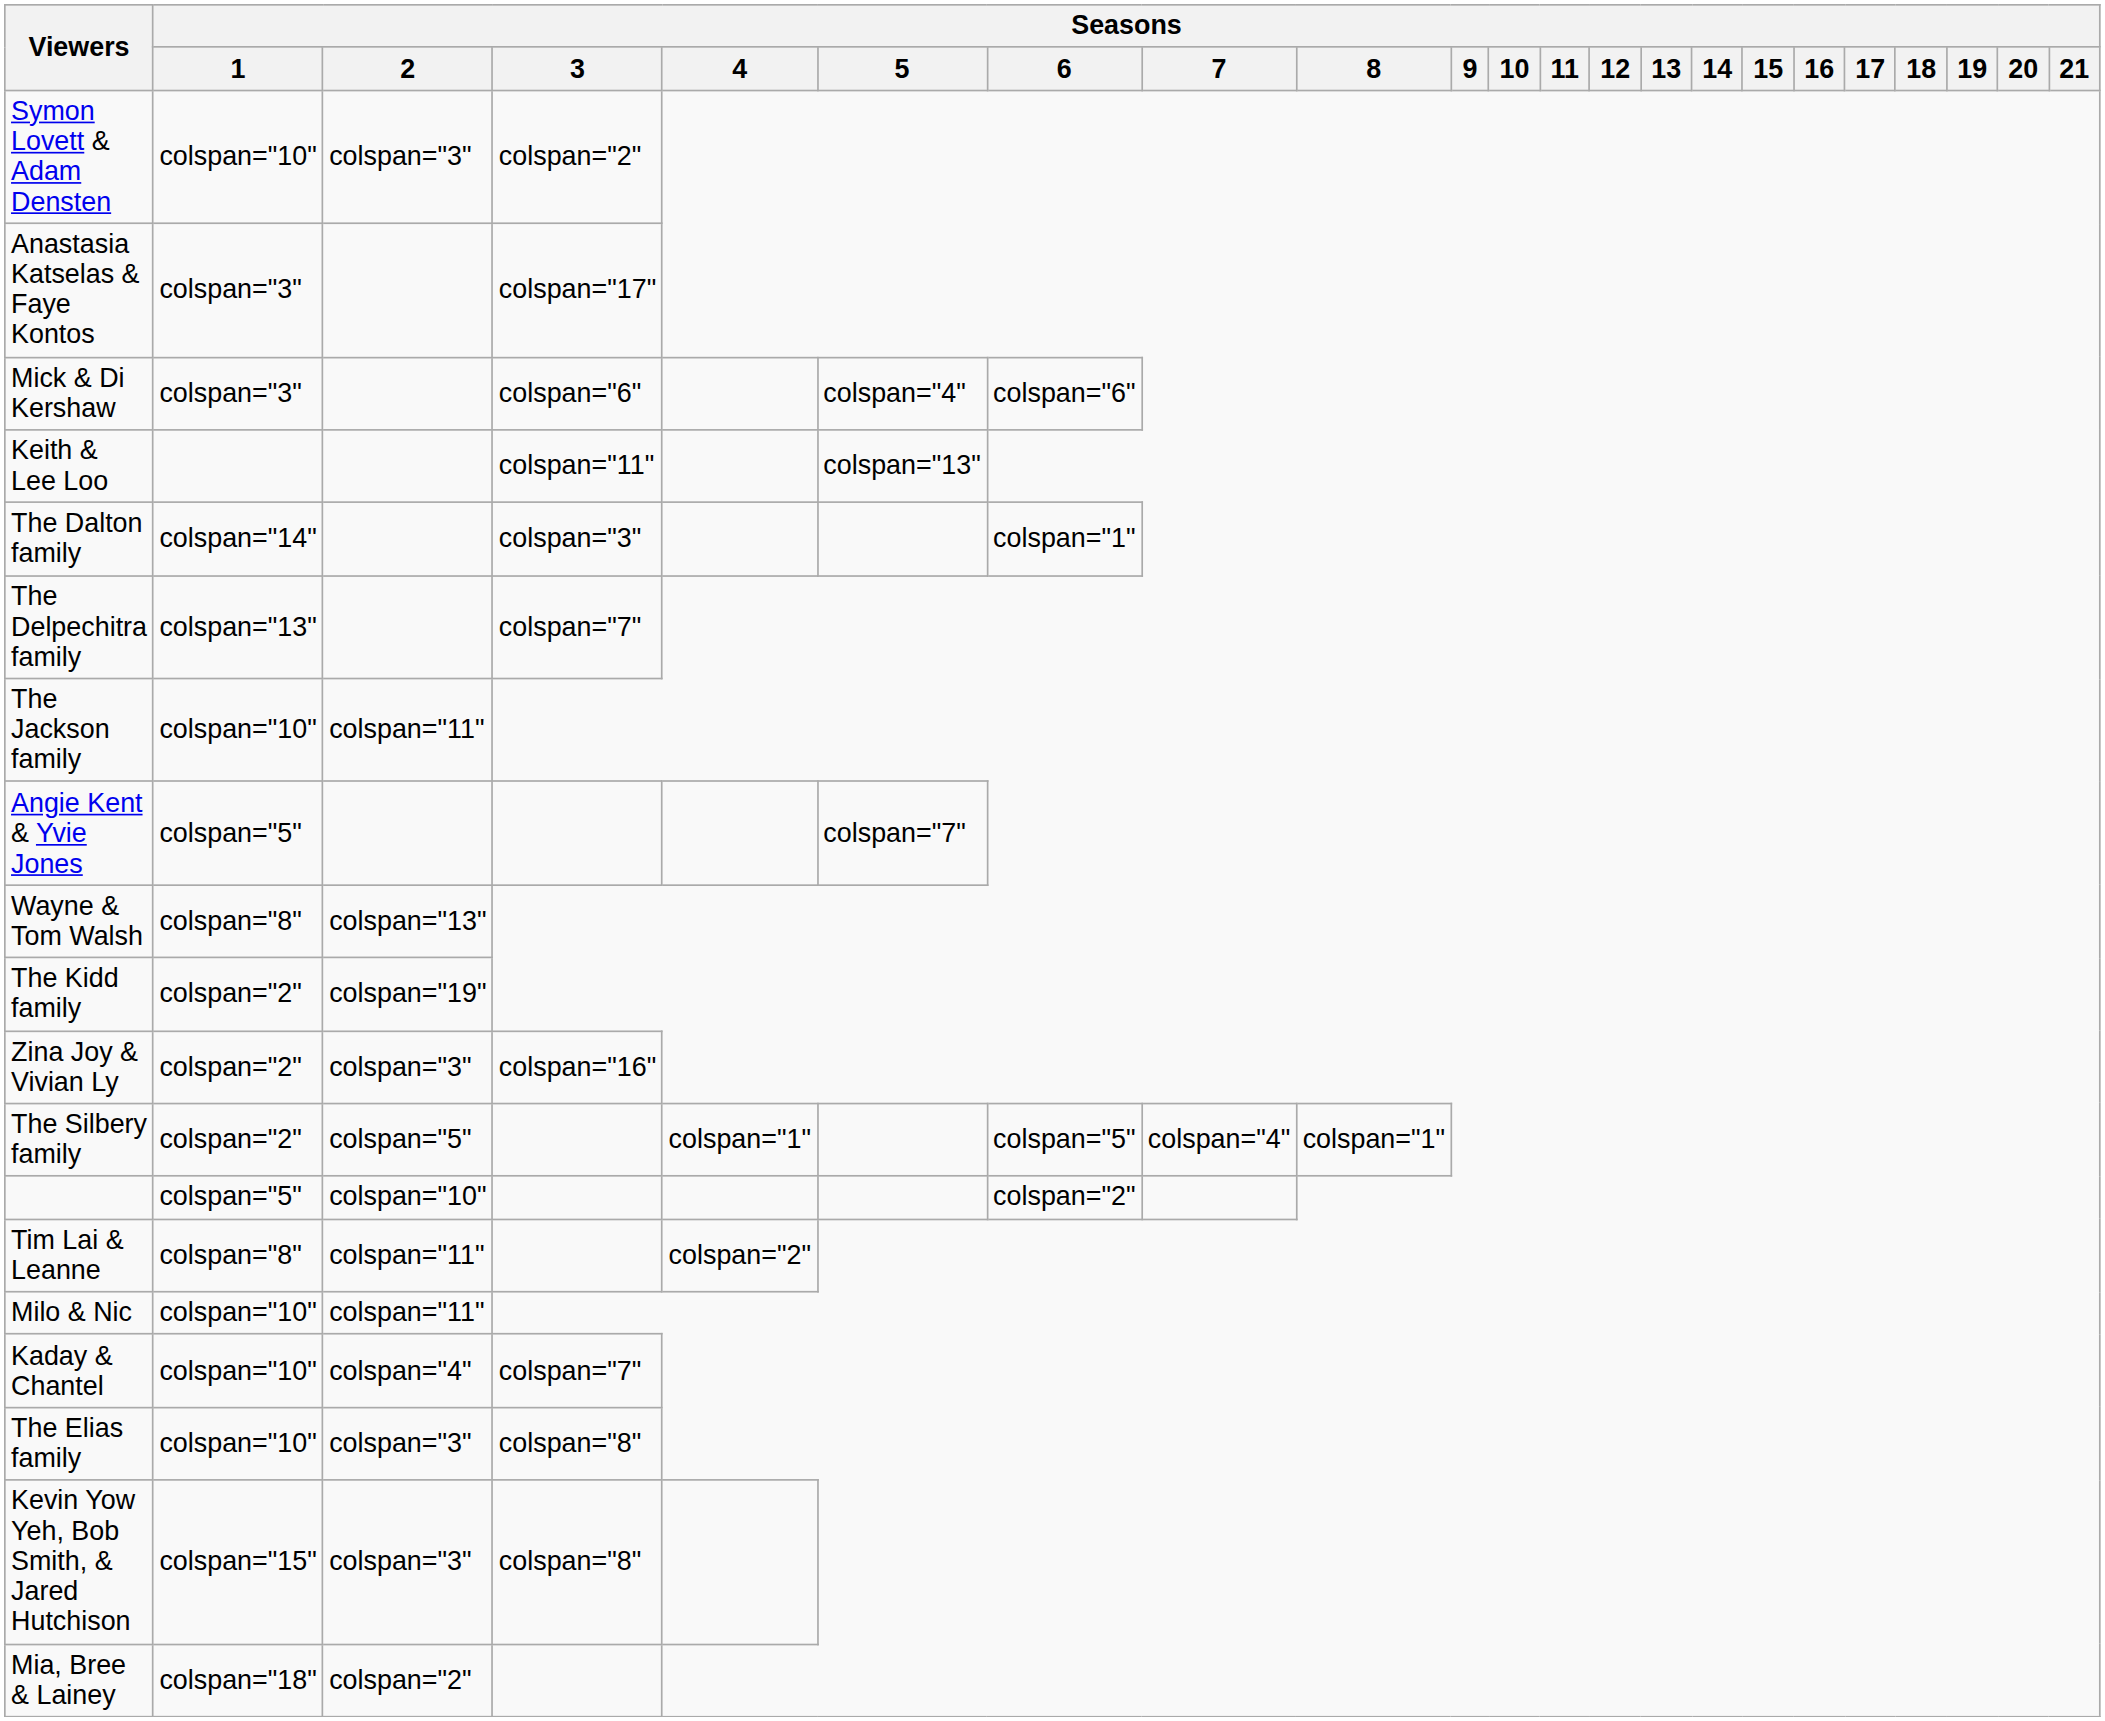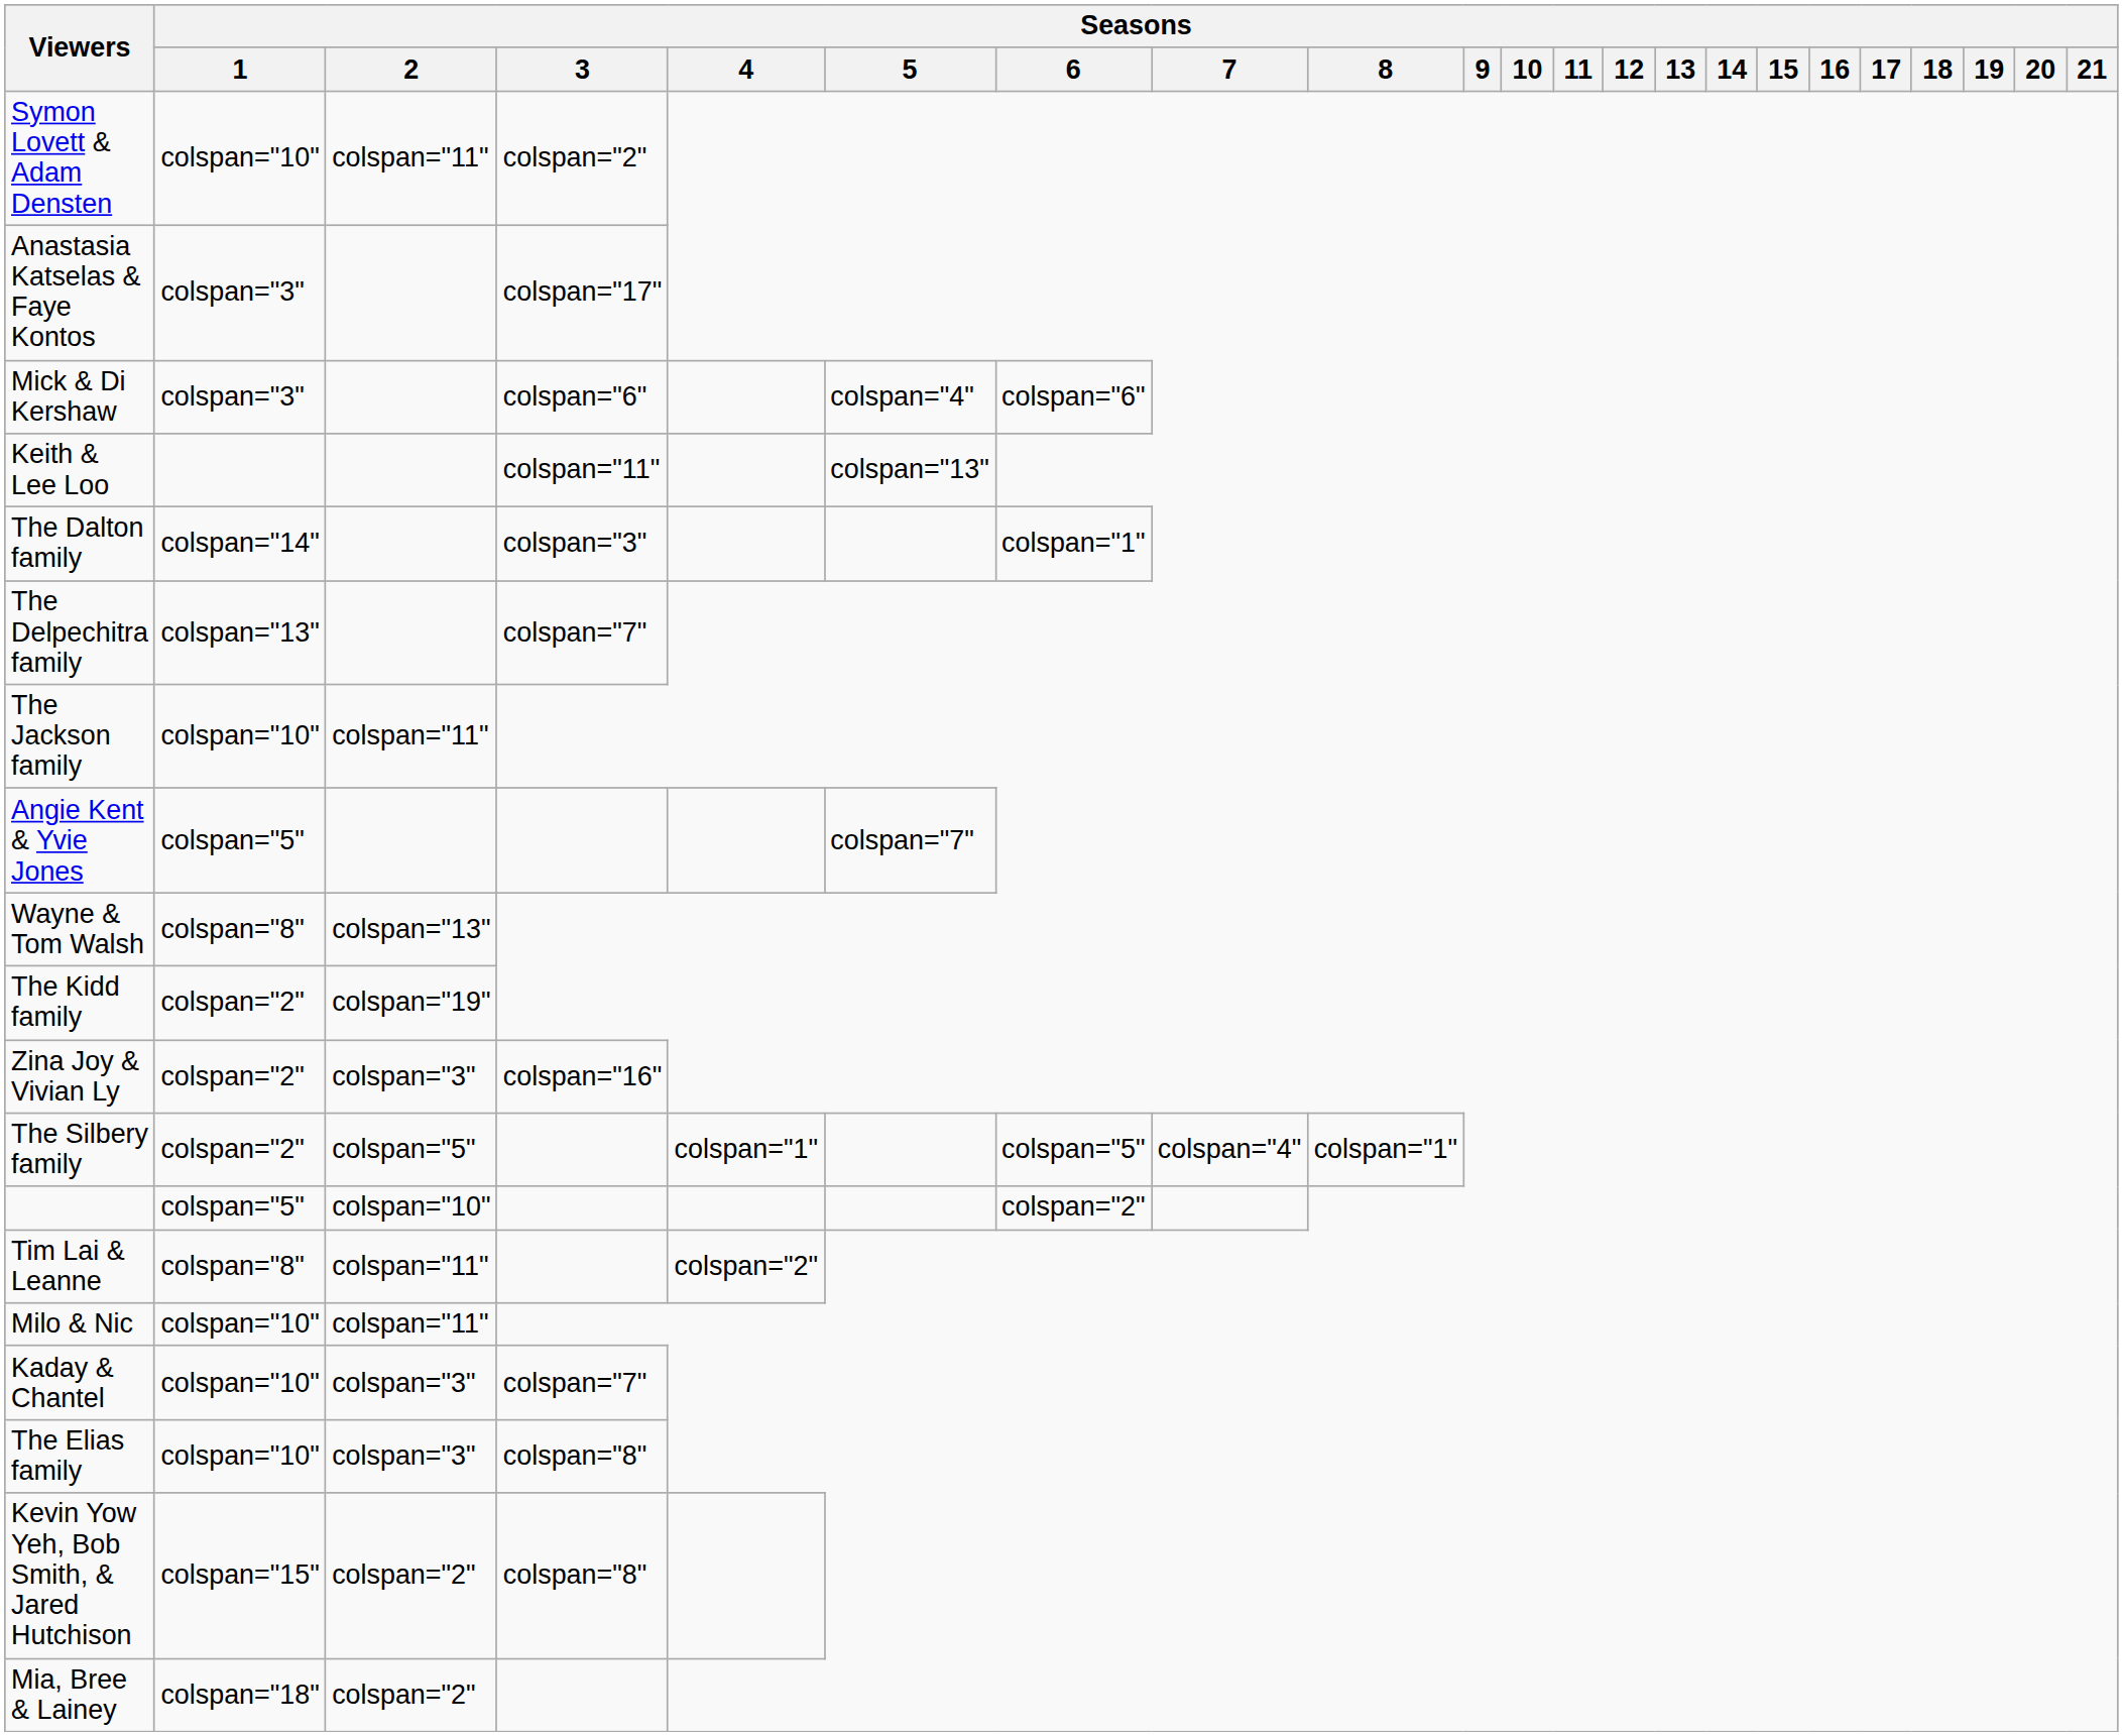 <table class="wikitable" width:"50%">
 <tr>
 <th rowspan="2">Viewers</th>
 <th colspan=21 style=text-align:center;>Seasons</th>
 </tr>
 <tr>
 <th ! width="65">1</th>
 <th ! width="65">2</th>
 <th ! width="65">3</th>
 <th ! width="65">4</th>
 <th ! width="65">5</th>
 <th ! width="65">6</th>
 <th ! width="65">7</th>
 <th ! width="65">8</th>
 <th ! width="65">9</th>
 <th ! width="65">10</th>
 <th ! width="65">11</th>
 <th ! width="65">12</th>
 <th ! width="65">13</th>
 <th ! width="65">14</th>
 <th ! width="65">15</th>
 <th ! width="65">16</th>
 <th ! width="65">17</th>
 <th ! width="65">18</th>
 <th ! width="65">19</th>
 <th ! width="65">20</th>
 <th ! width="65">21</th>
 </tr>
 <tr>
 <td><a href='#'>Symon Lovett</a> & <a href='#'>Adam Densten</a></td>
 <td>colspan="10" </td>
-<td>colspan="3" </td>
+<td>colspan="11" </td>
 <td>colspan="2"  </td>
 </tr>
 <tr>
 <td>Anastasia Katselas & Faye Kontos</td>
 <td>colspan="3" </td>
 <td> </td>
 <td>colspan="17" </td>
 </tr>
 <tr>
 <td>Mick & Di Kershaw</td>
 <td>colspan="3" </td>
 <td> </td>
 <td>colspan="6" </td>
 <td> </td>
 <td>colspan="4" </td>
 <td>colspan="6" </td>
 </tr>
 <tr>
 <td>Keith & Lee Loo</td>
 <td></td>
 <td></td>
 <td>colspan="11" </td>
 <td> </td>
 <td>colspan="13" </td>
 </tr>
 <tr>
 <td>The Dalton family</td>
 <td>colspan="14" </td>
 <td> </td>
 <td>colspan="3" </td>
 <td> </td>
 <td> </td>
 <td>colspan="1" </td>
 </tr>
 <tr>
 <td>The Delpechitra family</td>
 <td>colspan="13" </td>
 <td></td>
 <td>colspan="7" </td>
 </tr>
 <tr>
 <td>The Jackson family</td>
 <td>colspan="10" </td>
 <td>colspan="11" </td>
 </tr>
 <tr>
 <td><a href='#'>Angie Kent</a> & <a href='#'>Yvie Jones</a></td>
 <td>colspan="5" </td>
 <td> </td>
 <td></td>
 <td> </td>
 <td>colspan="7" </td>
 </tr>
 <tr>
 <td>Wayne & Tom Walsh</td>
 <td>colspan="8" </td>
 <td>colspan="13" </td>
 </tr>
 <tr>
 <td>The Kidd family</td>
 <td>colspan="2" </td>
 <td>colspan="19" </td>
 </tr>
 <tr>
 <td>Zina Joy & Vivian Ly</td>
 <td>colspan="2" </td>
 <td>colspan="3" </td>
 <td>colspan="16" </td>
 </tr>
 <tr>
 <td>The Silbery family</td>
 <td>colspan="2" </td>
 <td>colspan="5" </td>
 <td> </td>
 <td>colspan="1" </td>
 <td> </td>
 <td>colspan="5" </td>
 <td>colspan="4"  </td>
 <td>colspan="1" </td>
 </tr>
 <tr>
 <td></td>
 <td>colspan="5" </td>
 <td>colspan="10" </td>
 <td> </td>
 <td> </td>
 <td> </td>
 <td>colspan="2" </td>
 <td> </td>
 </tr>
 <tr>
 <td>Tim Lai & Leanne</td>
 <td>colspan="8" </td>
 <td>colspan="11" </td>
 <td> </td>
 <td>colspan="2" </td>
 </tr>
 <tr>
 <td>Milo & Nic</td>
 <td>colspan="10" </td>
 <td>colspan="11" </td>
 </tr>
 <tr>
 <td>Kaday & Chantel</td>
 <td>colspan="10" </td>
-<td>colspan="4" </td>
+<td>colspan="3" </td>
 <td>colspan="7" </td>
 </tr>
 <tr>
 <td>The Elias family</td>
 <td>colspan="10" </td>
 <td>colspan="3" </td>
 <td>colspan="8" </td>
 </tr>
 <tr>
 <td>Kevin Yow Yeh, Bob Smith,  & Jared Hutchison</td>
 <td>colspan="15" </td>
-<td>colspan="3" </td>
+<td>colspan="2" </td>
 <td>colspan="8" </td>
 <td> </td>
 </tr>
 <tr>
 <td>Mia, Bree & Lainey</td>
 <td>colspan="18" </td>
 <td>colspan="2" </td>
 <td> </td>
 </tr>
 <tr>
 </tr>
 </table>
